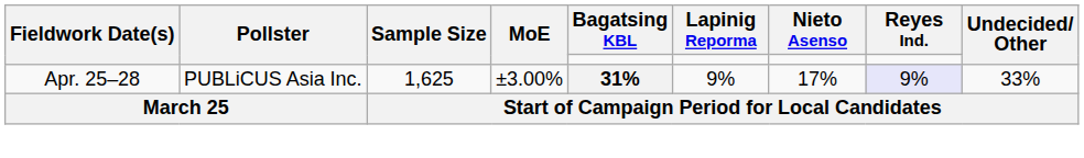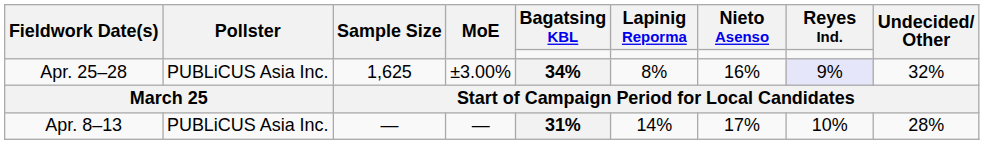 <table class="wikitable" style="text-align:center;font-size:85%;line-height:14px">
 <tr>
 <th rowspan="2">Fieldwork Date(s)</th>
 <th rowspan="2">Pollster</th>
 <th rowspan="2">Sample Size</th>
 <th rowspan="2">MoE</th>
 <th style="width:60px;">Bagatsing<br><small><a href='#'>KBL</a></small></th>
 <th style="width:60px;">Lapinig<br><small><a href='#'>Reporma</a></small></th>
 <th style="width:60px;">Nieto<br><small><a href='#'>Asenso</a></small></th>
 <th style="width:60px;">Reyes<br><small>Ind.</small></th>
 <th rowspan="2" style="width:60px;">Undecided/<br>Other</th>
 </tr>
 <tr>
 <td style="background:"></td>
 <td style="background:"></td>
 <td style="background:"></td>
 <td style="background:"></td>
 </tr>
 <tr>
 <td>Apr. 25–28</td>
 <td>PUBLiCUS Asia Inc.</td>
 <td>1,625</td>
 <td>±3.00%</td>
-<th style="background-color:#"><strong>31%</strong></th>
-<td>9%</td>
-<td>17%</td>
+<th style="background-color:#"><strong>34%</strong></th>
+<td>8%</td>
+<td>16%</td>
 <td style="background: lavender;">9%</td>
-<td>33%</td>
+<td>32%</td>
 </tr>
 <tr>
 <th colspan="2">March 25</th>
 <th colspan="7">Start of Campaign Period for Local Candidates</th>
 </tr>
+<tr>
+<td>Apr. 8–13</td>
+<td>PUBLiCUS Asia Inc.</td>
+<td>—</td>
+<td>—</td>
+<th style="background-color:#"><strong>31%</strong></th>
+<td>14%</td>
+<td>17%</td>
+<td>10%</td>
+<td>28%</td>
+</tr>
 </table>
